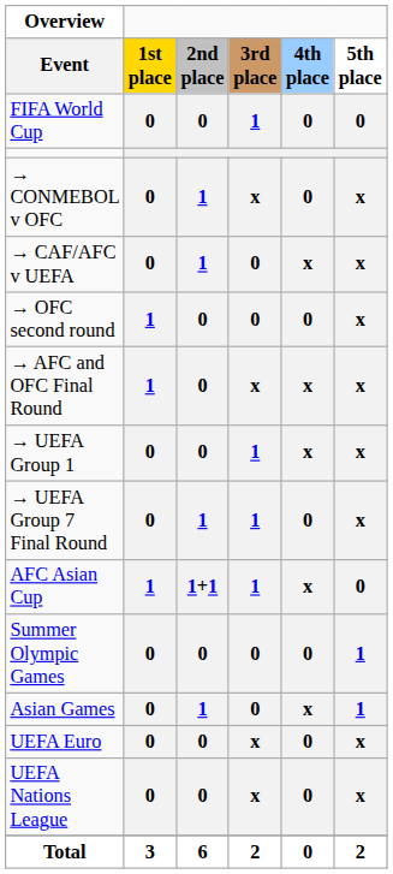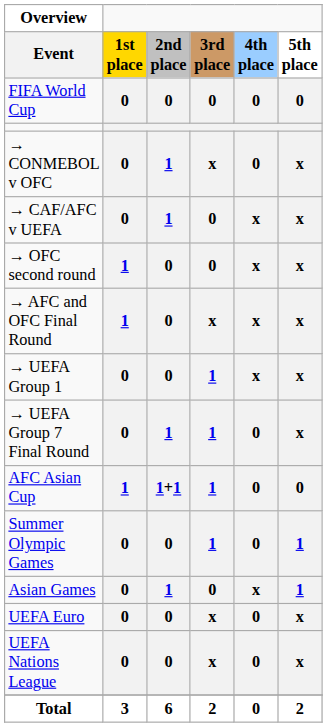 <table class="wikitable" style="width:30%; font-size:90%; text-align:center;">
 <tr>
 <th style="color:black; background:#FFFFFF; ">Overview</th>
 </tr>
 <tr>
 <th>Event</th>
 <th style="width:14%; background:gold;">1st place</th>
 <th style="width:14%; background:silver;">2nd place</th>
 <th style="width:14%; background:#c96;">3rd place</th>
 <th style="width:14%; background:#9acdff;">4th place</th>
 <th style="width:14%; background:#ffffff;">5th place</th>
 </tr>
 <tr>
 <td align=left><a href='#'>FIFA World Cup</a></td>
 <th>0</th>
 <th>0</th>
-<th><a href='#'>1</a></th>
+<th>0</th>
 <th>0</th>
 <th>0</th>
 </tr>
 <tr>
 <td align=left></td>
 <th colspan="5"></th>
 </tr>
 <tr>
 <td align=left>→ CONMEBOL v OFC</td>
 <th>0</th>
 <th><a href='#'>1</a></th>
 <th>x</th>
 <th>0</th>
 <th>x</th>
 </tr>
 <tr>
 <td align=left>→ CAF/AFC v UEFA</td>
 <th>0</th>
 <th><a href='#'>1</a></th>
 <th>0</th>
 <th>x</th>
 <th>x</th>
 </tr>
 <tr>
 <td align=left>→ OFC second round</td>
 <th><a href='#'>1</a></th>
 <th>0</th>
 <th>0</th>
-<th>0</th>
+<th>x</th>
 <th>x</th>
 </tr>
 <tr>
 <td align=left>→ AFC and OFC Final Round</td>
 <th><a href='#'>1</a></th>
 <th>0</th>
 <th>x</th>
 <th>x</th>
 <th>x</th>
 </tr>
 <tr>
 <td align=left>→ UEFA Group 1</td>
 <th>0</th>
 <th>0</th>
 <th><a href='#'>1</a></th>
 <th>x</th>
 <th>x</th>
 </tr>
 <tr>
 <td align=left>→ UEFA Group 7 Final Round</td>
 <th>0</th>
 <th><a href='#'>1</a></th>
 <th><a href='#'>1</a></th>
 <th>0</th>
 <th>x</th>
 </tr>
 <tr>
 <td align="left"><a href='#'>AFC Asian Cup</a></td>
 <th><a href='#'>1</a></th>
 <th><a href='#'>1</a>+<a href='#'>1</a></th>
 <th><a href='#'>1</a></th>
-<th>x</th>
+<th>0</th>
 <th>0</th>
 </tr>
 <tr>
 <td align=left><a href='#'>Summer Olympic Games</a></td>
 <th>0</th>
 <th>0</th>
-<th>0</th>
+<th><a href='#'>1</a></th>
 <th>0</th>
 <th><a href='#'>1</a></th>
 </tr>
 <tr>
 <td align="left"><a href='#'>Asian Games</a></td>
 <th>0</th>
 <th><a href='#'>1</a></th>
 <th>0</th>
 <th>x</th>
 <th><a href='#'>1</a></th>
 </tr>
 <tr>
 <td align="left"><a href='#'>UEFA Euro</a></td>
 <th>0</th>
 <th>0</th>
 <th>x</th>
 <th>0</th>
 <th>x</th>
 </tr>
 <tr>
 <td align="left"><a href='#'>UEFA Nations League</a></td>
 <th>0</th>
 <th>0</th>
 <th>x</th>
 <th>0</th>
 <th>x</th>
 </tr>
 <tr>
 </tr>
 <tr style="background:silver">
 <th style="color:black; background:#FFFFFF; ">Total</th>
 <th style="color:black; background:#FFFFFF; ">3</th>
 <th style="color:black; background:#FFFFFF; ">6</th>
 <th style="color:black; background:#FFFFFF; ">2</th>
 <th style="color:black; background:#FFFFFF; ">0</th>
 <th style="color:black; background:#FFFFFF; ">2</th>
 </tr>
 </table>
